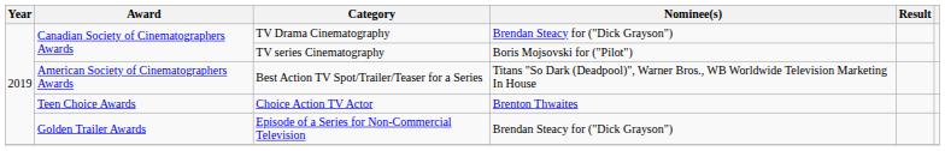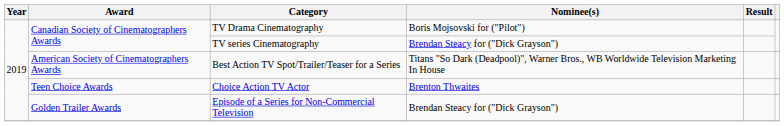 <table class="wikitable sortable" style="width:99%;">
 <tr>
 <th scope="col">Year</th>
 <th scope="col">Award</th>
 <th scope="col">Category</th>
 <th scope="col">Nominee(s)</th>
 <th scope="col">Result</th>
 <th scope="col" class="unsortable"></th>
 </tr>
 <tr>
 <td rowspan="5" align="center">2019</td>
 <td rowspan="2"><a href='#'>Canadian Society of Cinematographers Awards</a></td>
 <td>TV Drama Cinematography</td>
-<td><a href='#'>Brendan Steacy</a> for ("Dick Grayson")</td>
+<td>Boris Mojsovski for ("Pilot")</td>
 <td></td>
 <td style="text-align: center;" rowspan="2"></td>
 </tr>
 <tr>
 <td>TV series Cinematography</td>
-<td>Boris Mojsovski for ("Pilot")</td>
+<td><a href='#'>Brendan Steacy</a> for ("Dick Grayson")</td>
 <td></td>
 </tr>
 <tr>
 <td><a href='#'>American Society of Cinematographers Awards</a></td>
 <td>Best Action TV Spot/Trailer/Teaser for a Series</td>
 <td>Titans "So Dark (Deadpool)", Warner Bros., WB Worldwide Television Marketing In House</td>
 <td></td>
 <td style="text-align:center;"></td>
 </tr>
 <tr>
 <td><a href='#'>Teen Choice Awards</a></td>
 <td><a href='#'>Choice Action TV Actor</a></td>
 <td><a href='#'>Brenton Thwaites</a></td>
 <td></td>
 <td style="text-align:center;"></td>
 </tr>
 <tr>
 <td><a href='#'>Golden Trailer Awards</a></td>
 <td><a href='#'>Episode of a Series for Non-Commercial Television</a></td>
 <td>Brendan Steacy for ("Dick Grayson")</td>
 <td></td>
 <td style="text-align:center;"></td>
 </tr>
 <tr>
 </tr>
 </table>
